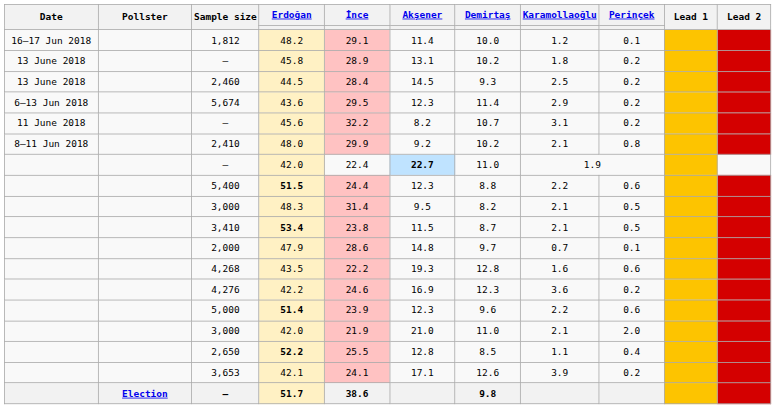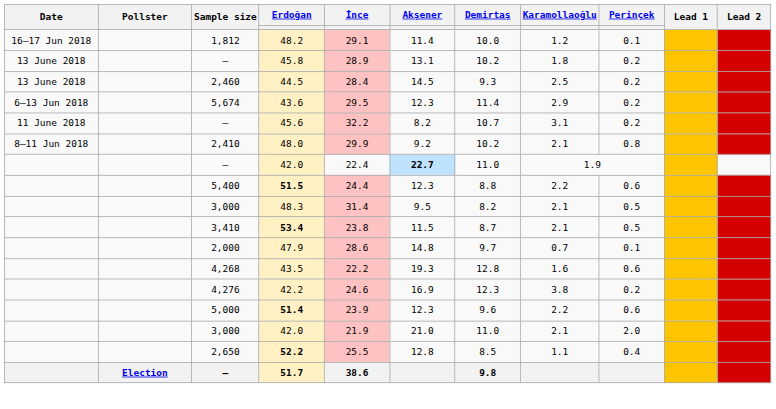 <table class="wikitable" style="text-align:center; font-size:90%; line-height:20px;">
 <tr>
 <th rowspan=2 width="110px">Date</th>
 <th rowspan=2 width="110px">Pollster</th>
 <th rowspan=2 width="50px">Sample size</th>
 <th width=75><a href='#'>Erdoğan</a></th>
 <th width=75><a href='#'>İnce</a></th>
 <th width=75><a href='#'>Akşener</a></th>
 <th width=75><a href='#'>Demirtaş</a></th>
 <th width=75><a href='#'>Karamollaoğlu</a></th>
 <th width=75><a href='#'>Perinçek</a></th>
 <th width=60 rowspan=2>Lead 1</th>
 <th width=60 rowspan=2>Lead 2</th>
 </tr>
 <tr>
 <th style="background: "></th>
 <th style="background: "></th>
 <th style="background: "></th>
 <th style="background: "></th>
 <th style="background: "></th>
 <th style="background: "></th>
 </tr>
 <tr>
 <td>16–17 Jun 2018</td>
 <td></td>
 <td>1,812</td>
 <td style="background: #FFF1C4">48.2</td>
 <td style="background: #FFC2C2">29.1</td>
 <td>11.4</td>
 <td>10.0</td>
 <td>1.2</td>
 <td>0.1</td>
 <td style="background: #FDC400"></td>
 <td style="background: #d40000"></td>
 </tr>
 <tr>
 <td>13 June 2018</td>
 <td></td>
 <td>–</td>
 <td style="background: #FFF1C4">45.8</td>
 <td style="background: #FFC2C2">28.9</td>
 <td>13.1</td>
 <td>10.2</td>
 <td>1.8</td>
 <td>0.2</td>
 <td style="background: #FDC400"></td>
 <td style="background: #d40000"></td>
 </tr>
 <tr>
 <td>13 June 2018</td>
 <td></td>
 <td>2,460</td>
 <td style="background: #FFF1C4">44.5</td>
 <td style="background: #FFC2C2">28.4</td>
 <td>14.5</td>
 <td>9.3</td>
 <td>2.5</td>
 <td>0.2</td>
 <td style="background: #FDC400"></td>
 <td style="background: #d40000"></td>
 </tr>
 <tr>
 <td>6–13 Jun 2018</td>
 <td></td>
 <td>5,674</td>
 <td style="background: #FFF1C4">43.6</td>
 <td style="background: #FFC2C2">29.5</td>
 <td>12.3</td>
 <td>11.4</td>
 <td>2.9</td>
 <td>0.2</td>
 <td style="background: #FDC400"></td>
 <td style="background: #d40000"></td>
 </tr>
 <tr>
 <td>11 June 2018</td>
 <td></td>
 <td>–</td>
 <td style="background: #FFF1C4">45.6</td>
 <td style="background: #FFC2C2">32.2</td>
 <td>8.2</td>
 <td>10.7</td>
 <td>3.1</td>
 <td>0.2</td>
 <td style="background: #FDC400"></td>
 <td style="background: #d40000"></td>
 </tr>
 <tr>
 <td>8–11 Jun 2018</td>
 <td></td>
 <td>2,410</td>
 <td style="background: #FFF1C4">48.0</td>
 <td style="background: #FFC2C2">29.9</td>
 <td>9.2</td>
 <td>10.2</td>
 <td>2.1</td>
 <td>0.8</td>
 <td style="background: #FDC400"></td>
 <td style="background: #d40000"></td>
 </tr>
 <tr>
 <td></td>
 <td></td>
 <td>–</td>
 <td style="background: #FFF1C4">42.0</td>
 <td>22.4</td>
 <td style="background: #BFE3FF"><strong>22.7</strong></td>
 <td>11.0</td>
 <td colspan=2>1.9</td>
 <td style="background: #FDC400"></td>
 <td style="background: "></td>
 </tr>
 <tr>
 <td></td>
 <td></td>
 <td>5,400</td>
 <td style="background: #FFF1C4"><strong>51.5</strong></td>
 <td style="background: #FFC2C2">24.4</td>
 <td>12.3</td>
 <td>8.8</td>
 <td>2.2</td>
 <td>0.6</td>
 <td style="background: #FDC400"></td>
 <td style="background: #d40000"></td>
 </tr>
 <tr>
 <td></td>
 <td></td>
 <td>3,000</td>
 <td style="background: #FFF1C4">48.3</td>
 <td style="background: #FFC2C2">31.4</td>
 <td>9.5</td>
 <td>8.2</td>
 <td>2.1</td>
 <td>0.5</td>
 <td style="background: #FDC400"></td>
 <td style="background: #d40000"></td>
 </tr>
 <tr>
 <td></td>
 <td></td>
 <td>3,410</td>
 <td style="background: #FFF1C4"><strong>53.4</strong></td>
 <td style="background: #FFC2C2">23.8</td>
 <td>11.5</td>
 <td>8.7</td>
 <td>2.1</td>
 <td>0.5</td>
 <td style="background: #FDC400"></td>
 <td style="background: #d40000"></td>
 </tr>
 <tr>
 <td></td>
 <td></td>
 <td>2,000</td>
 <td style="background: #FFF1C4">47.9</td>
 <td style="background: #FFC2C2">28.6</td>
 <td>14.8</td>
 <td>9.7</td>
 <td>0.7</td>
 <td>0.1</td>
 <td style="background: #FDC400"></td>
 <td style="background: #d40000"></td>
 </tr>
 <tr>
 <td></td>
 <td></td>
 <td>4,268</td>
 <td style="background: #FFF1C4">43.5</td>
 <td style="background: #FFC2C2">22.2</td>
 <td>19.3</td>
 <td>12.8</td>
 <td>1.6</td>
 <td>0.6</td>
 <td style="background: #FDC400"></td>
 <td style="background: #d40000"></td>
 </tr>
 <tr>
 <td></td>
 <td></td>
 <td>4,276</td>
 <td style="background: #FFF1C4">42.2</td>
 <td style="background: #FFC2C2">24.6</td>
 <td>16.9</td>
 <td>12.3</td>
-<td>3.6</td>
+<td>3.8</td>
 <td>0.2</td>
 <td style="background: #FDC400"></td>
 <td style="background: #d40000"></td>
 </tr>
 <tr>
 <td></td>
 <td></td>
 <td>5,000</td>
 <td style="background: #FFF1C4"><strong>51.4</strong></td>
 <td style="background: #FFC2C2">23.9</td>
 <td>12.3</td>
 <td>9.6</td>
 <td>2.2</td>
 <td>0.6</td>
 <td style="background: #FDC400"></td>
 <td style="background: #d40000"></td>
 </tr>
 <tr>
 <td></td>
 <td></td>
 <td>3,000</td>
 <td style="background: #FFF1C4">42.0</td>
 <td style="background: #FFC2C2">21.9</td>
 <td>21.0</td>
 <td>11.0</td>
 <td>2.1</td>
 <td>2.0</td>
 <td style="background: #FDC400"></td>
 <td style="background: #d40000"></td>
 </tr>
 <tr>
 <td></td>
 <td></td>
 <td>2,650</td>
 <td style="background: #FFF1C4"><strong>52.2</strong></td>
 <td style="background: #FFC2C2">25.5</td>
 <td>12.8</td>
 <td>8.5</td>
 <td>1.1</td>
 <td>0.4</td>
 <td style="background: #FDC400"></td>
 <td style="background: #d40000"></td>
 </tr>
 <tr>
-<td></td>
-<td></td>
-<td>3,653</td>
-<td style="background: #FFF1C4">42.1</td>
-<td style="background: #FFC2C2">24.1</td>
-<td>17.1</td>
-<td>12.6</td>
-<td>3.9</td>
-<td>0.2</td>
-<td style="background: #FDC400"></td>
-<td style="background: #d40000"></td>
-</tr>
-<tr>
 <th></th>
 <th><a href='#'>Election</a></th>
 <th>–</th>
 <th style="background: #FFF1C4">51.7<br></th>
 <th>38.6<br></th>
 <th></th>
 <th>9.8<br></th>
 <th></th>
 <th></th>
 <th style="background: #FDC400"></th>
 <td style="background: #d40000"></td>
 </tr>
 </table>
